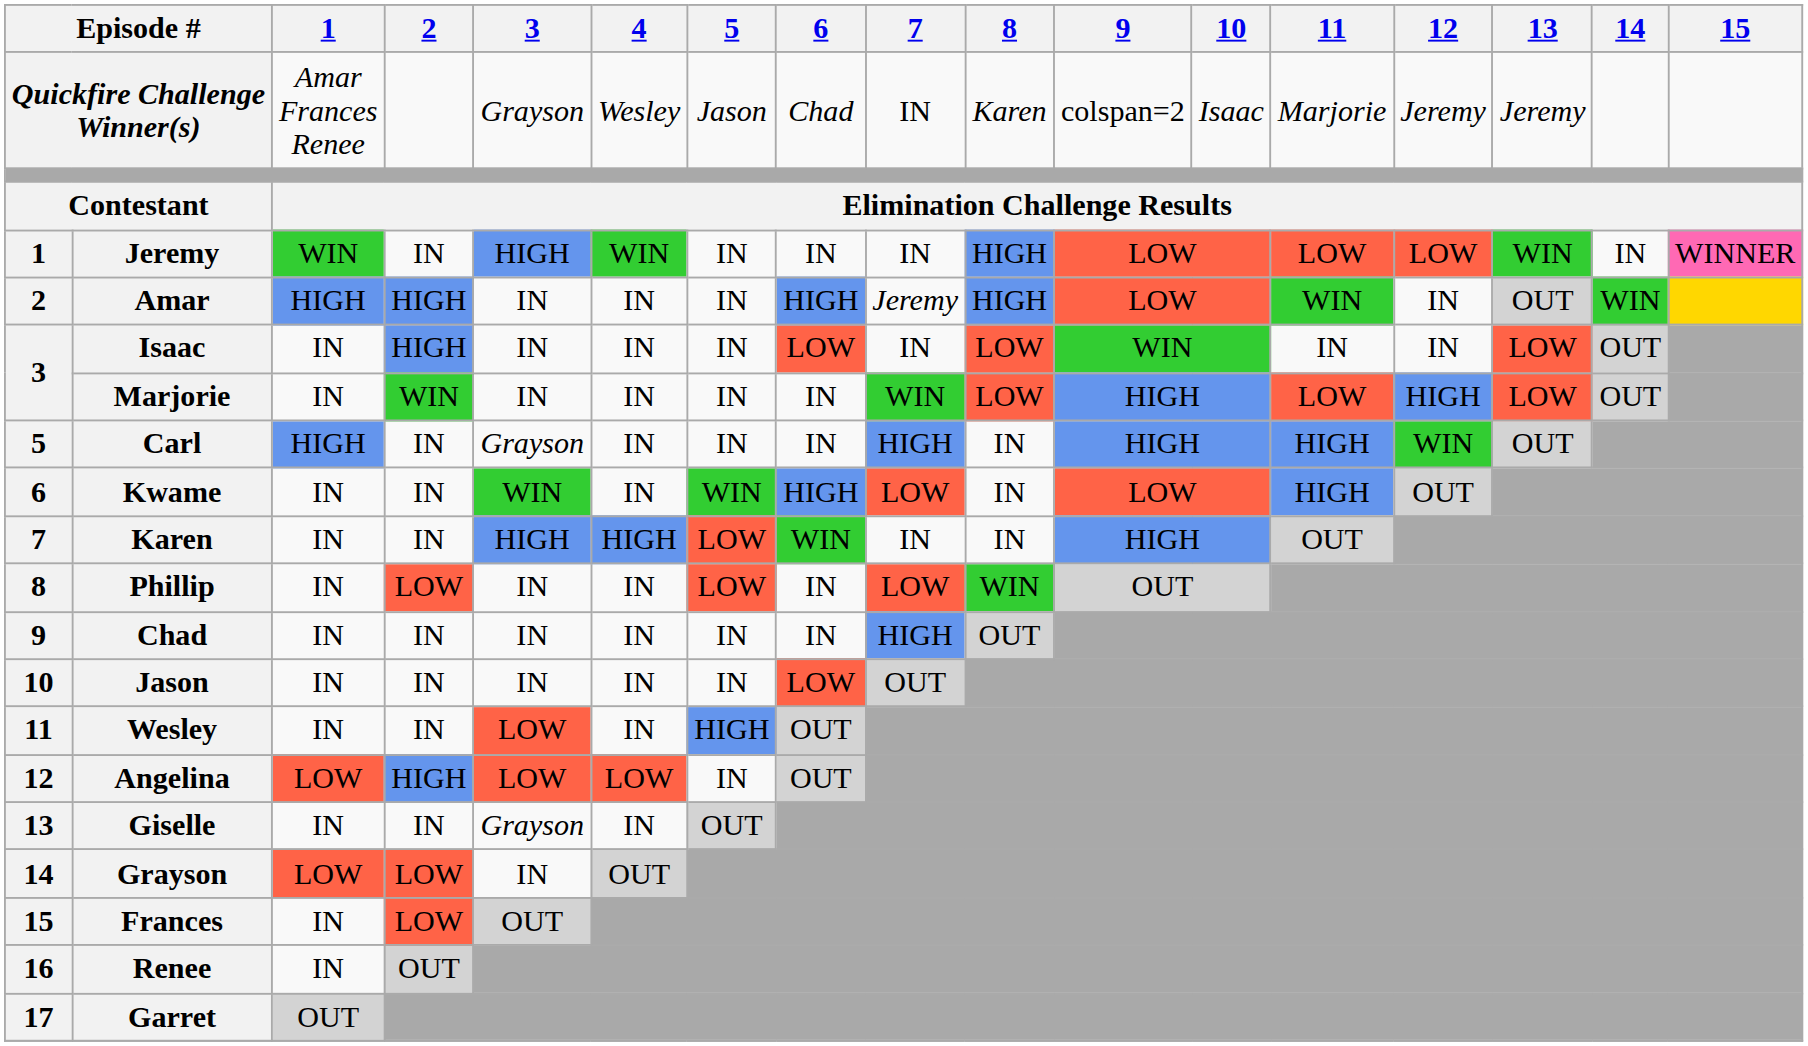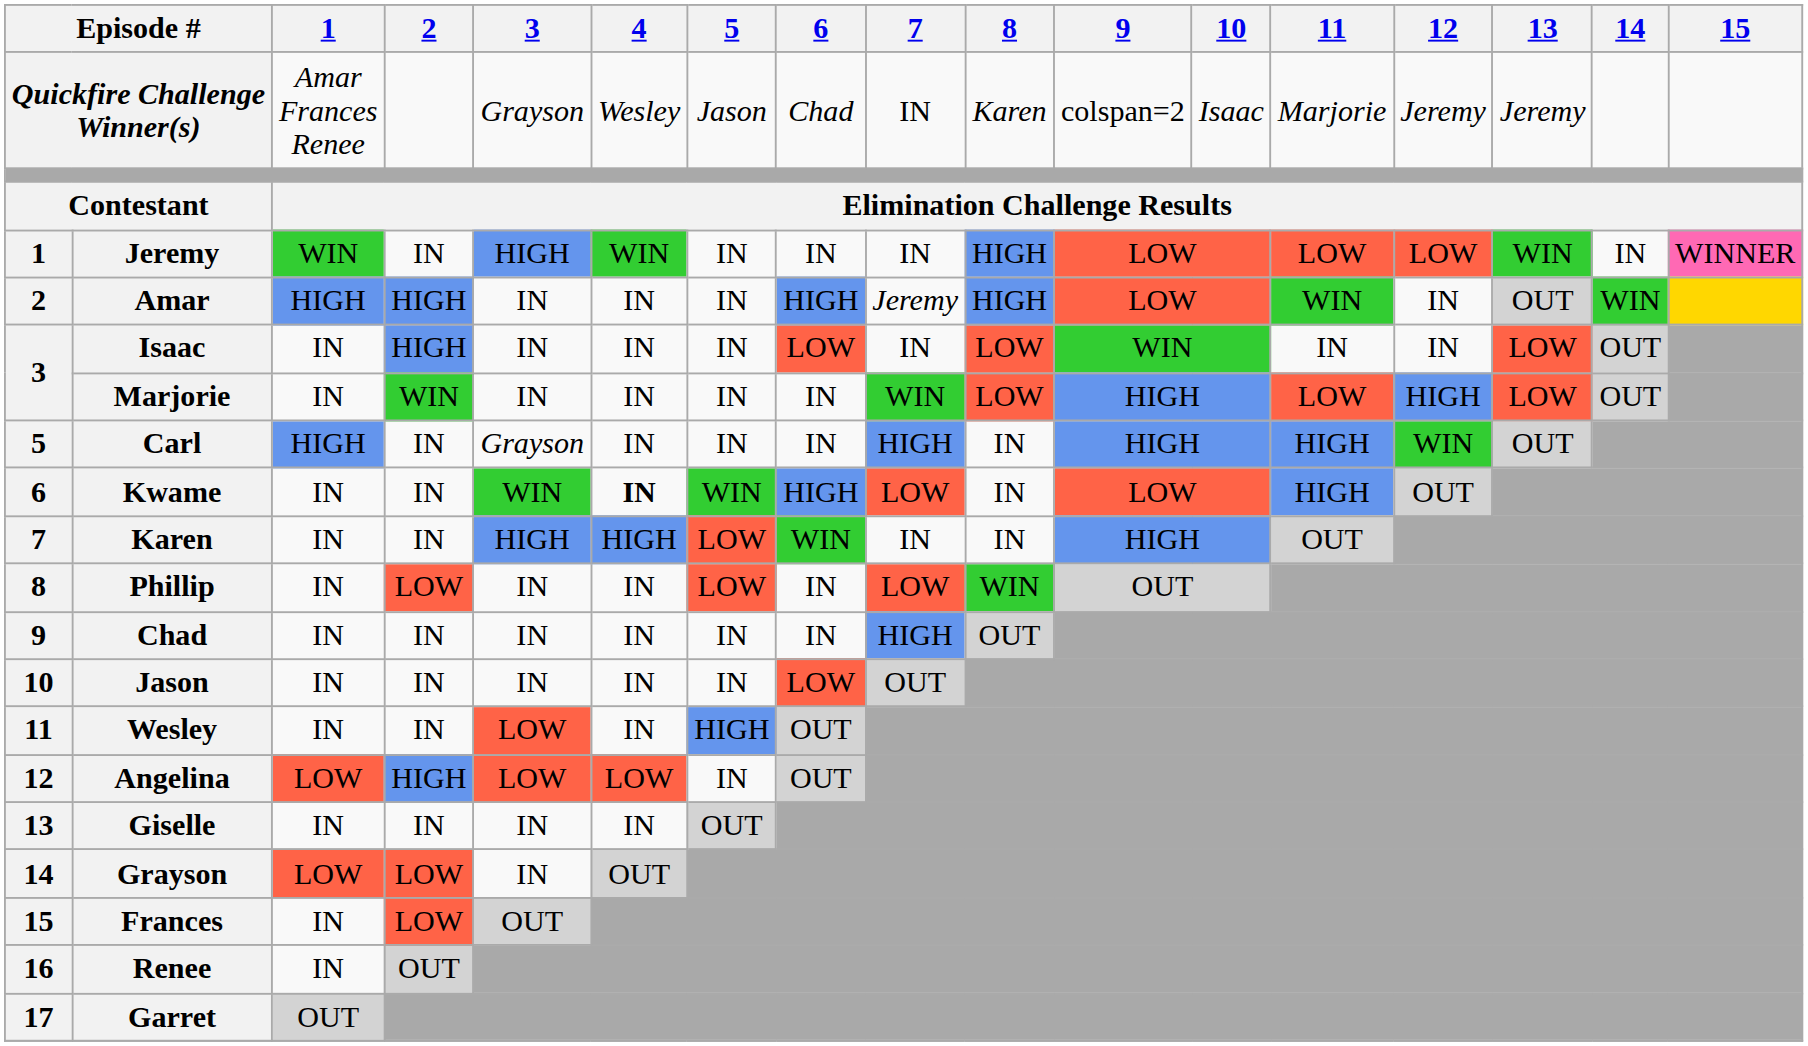 <table class="wikitable" style="text-align:center; font-size:100%">
 <tr>
 <th colspan=2>Episode #</th>
 <th><a href='#'>1</a></th>
 <th><a href='#'>2</a></th>
 <th><a href='#'>3</a></th>
 <th><a href='#'>4</a></th>
 <th><a href='#'>5</a></th>
 <th><a href='#'>6</a></th>
 <th><a href='#'>7</a></th>
 <th><a href='#'>8</a></th>
 <th><a href='#'>9</a></th>
 <th><a href='#'>10</a></th>
 <th><a href='#'>11</a></th>
 <th><a href='#'>12</a></th>
 <th><a href='#'>13</a></th>
 <th><a href='#'>14</a></th>
 <th><a href='#'>15</a></th>
 </tr>
 <tr>
 <th colspan=2><em>Quickfire Challenge<br>Winner(s)</em></th>
 <td><em>Amar</em><br><em>Frances</em><br><em>Renee</em></td>
 <td></td>
 <td><em>Grayson</em></td>
 <td><em>Wesley</em></td>
 <td><em>Jason</em></td>
 <td><em>Chad</em></td>
 <td>IN</td>
 <td><em>Karen</em></td>
 <td>colspan=2 </td>
 <td><em>Isaac</em></td>
 <td><em>Marjorie</em></td>
 <td><em>Jeremy</em></td>
 <td><em>Jeremy</em></td>
 <td></td>
 </tr>
 <tr>
 <td colspan="18" style="background:darkgrey;"></td>
 </tr>
 <tr>
 <th colspan=2>Contestant</th>
 <th colspan="15">Elimination Challenge Results</th>
 </tr>
 <tr>
 <th>1</th>
 <th>Jeremy</th>
 <td style="background:limegreen;">WIN</td>
 <td>IN</td>
 <td style="background:cornflowerblue;">HIGH</td>
 <td style="background:limegreen;">WIN</td>
 <td>IN</td>
 <td>IN</td>
 <td>IN</td>
 <td style="background:cornflowerblue;">HIGH</td>
 <td style="background:tomato" colspan="2">LOW</td>
 <td style="background:tomato;">LOW</td>
 <td style="background:tomato;">LOW</td>
 <td style="background:limegreen;">WIN</td>
 <td>IN</td>
 <td style="background:hotpink;">WINNER</td>
 </tr>
 <tr>
 <th>2</th>
 <th>Amar</th>
 <td style="background:cornflowerblue;">HIGH</td>
 <td style="background:cornflowerblue;">HIGH</td>
 <td>IN</td>
 <td>IN</td>
 <td>IN</td>
 <td style="background:cornflowerblue;">HIGH</td>
 <td><em>Jeremy</em></td>
 <td style="background:cornflowerblue;">HIGH</td>
 <td style="background:tomato" colspan="2">LOW</td>
 <td style="background:limegreen;">WIN</td>
 <td>IN</td>
 <td style="background:lightgrey;">OUT</td>
 <td style="background:limegreen;">WIN</td>
 <td style="background:gold;"></td>
 </tr>
 <tr>
 <th rowspan="2">3</th>
 <th>Isaac</th>
 <td>IN</td>
 <td style="background:cornflowerblue;">HIGH</td>
 <td>IN</td>
 <td>IN</td>
 <td>IN</td>
 <td style="background:tomato;">LOW</td>
 <td>IN</td>
 <td style="background:tomato;">LOW</td>
 <td style="background:limegreen" colspan="2">WIN</td>
 <td>IN</td>
 <td>IN</td>
 <td style="background:tomato;">LOW</td>
 <td style="background:lightgrey;">OUT</td>
 <td style="background:darkgrey;" colspan="1"></td>
 </tr>
 <tr>
 <th>Marjorie</th>
 <td>IN</td>
 <td style="background:limegreen;">WIN</td>
 <td>IN</td>
 <td>IN</td>
 <td>IN</td>
 <td>IN</td>
 <td style="background:limegreen;">WIN</td>
 <td style="background:tomato;">LOW</td>
 <td style="background:cornflowerblue" colspan="2">HIGH</td>
 <td style="background:tomato;">LOW</td>
 <td style="background:cornflowerblue;">HIGH</td>
 <td style="background:tomato;">LOW</td>
 <td style="background:lightgrey;">OUT</td>
 <td style="background:darkgrey;" colspan="1"></td>
 </tr>
 <tr>
 <th>5</th>
 <th>Carl</th>
 <td style="background:cornflowerblue;">HIGH</td>
 <td>IN</td>
 <td><em>Grayson</em></td>
 <td>IN</td>
 <td>IN</td>
 <td>IN</td>
 <td style="background:cornflowerblue;">HIGH</td>
 <td>IN</td>
 <td style="background:cornflowerblue" colspan="2">HIGH</td>
 <td style="background:cornflowerblue;">HIGH</td>
 <td style="background:limegreen;">WIN</td>
 <td style="background:lightgrey;">OUT</td>
 <td style="background:darkgrey;" colspan="2"></td>
 </tr>
 <tr>
 <th>6</th>
 <th>Kwame</th>
 <td>IN</td>
 <td>IN</td>
 <td style="background:limegreen;">WIN</td>
-<td>IN</td>
+<td><strong>IN</strong></td>
 <td style="background:limegreen;">WIN</td>
 <td style="background:cornflowerblue;">HIGH</td>
 <td style="background:tomato;">LOW</td>
 <td>IN</td>
 <td style="background:tomato" colspan="2">LOW</td>
 <td style="background:cornflowerblue;">HIGH</td>
 <td style="background:lightgrey;">OUT</td>
 <td style="background:darkgrey;" colspan="3"></td>
 </tr>
 <tr>
 <th>7</th>
 <th>Karen</th>
 <td>IN</td>
 <td>IN</td>
 <td style="background:cornflowerblue;">HIGH</td>
 <td style="background:cornflowerblue;">HIGH</td>
 <td style="background:tomato;">LOW</td>
 <td style="background:limegreen;">WIN</td>
 <td>IN</td>
 <td>IN</td>
 <td style="background:cornflowerblue" colspan="2">HIGH</td>
 <td style="background:lightgrey;">OUT</td>
 <td style="background:darkgrey;" colspan="4"></td>
 </tr>
 <tr>
 <th>8</th>
 <th>Phillip</th>
 <td>IN</td>
 <td style="background:tomato;">LOW</td>
 <td>IN</td>
 <td>IN</td>
 <td style="background:tomato;">LOW</td>
 <td>IN</td>
 <td style="background:tomato;">LOW</td>
 <td style="background:limegreen;">WIN</td>
 <td style="background:lightgrey" colspan="2">OUT</td>
 <td style="background:darkgrey;" colspan="5"></td>
 </tr>
 <tr>
 <th>9</th>
 <th>Chad</th>
 <td>IN</td>
 <td>IN</td>
 <td>IN</td>
 <td>IN</td>
 <td>IN</td>
 <td>IN</td>
 <td style="background:cornflowerblue;">HIGH</td>
 <td style="background:lightgrey;">OUT</td>
 <td style="background:darkgrey;" colspan="7"></td>
 </tr>
 <tr>
 <th>10</th>
 <th>Jason</th>
 <td>IN</td>
 <td>IN</td>
 <td>IN</td>
 <td>IN</td>
 <td>IN</td>
 <td style="background:tomato;">LOW</td>
 <td style="background:lightgrey;">OUT</td>
 <td style="background:darkgrey;" colspan="8"></td>
 </tr>
 <tr>
 <th>11</th>
 <th>Wesley</th>
 <td>IN</td>
 <td>IN</td>
 <td style="background:tomato;">LOW</td>
 <td>IN</td>
 <td style="background:cornflowerblue;">HIGH</td>
 <td style="background:lightgrey;">OUT</td>
 <td style="background:darkgrey;" colspan="9"></td>
 </tr>
 <tr>
 <th>12</th>
 <th>Angelina</th>
 <td style="background:tomato;">LOW</td>
 <td style="background:cornflowerblue;">HIGH</td>
 <td style="background:tomato;">LOW</td>
 <td style="background:tomato;">LOW</td>
 <td>IN</td>
 <td style="background:lightgrey;">OUT</td>
 <td style="background:darkgrey;" colspan="9"></td>
 </tr>
 <tr>
 <th>13</th>
 <th>Giselle</th>
 <td>IN</td>
 <td>IN</td>
-<td><em>Grayson</em></td>
+<td>IN</td>
 <td>IN</td>
 <td style="background:lightgrey;">OUT</td>
 <td style="background:darkgrey;" colspan="10"></td>
 </tr>
 <tr>
 <th>14</th>
 <th>Grayson</th>
 <td style="background:tomato;">LOW</td>
 <td style="background:tomato;">LOW</td>
 <td>IN</td>
 <td style="background:lightgrey;">OUT</td>
 <td style="background:darkgrey;" colspan="11"></td>
 </tr>
 <tr>
 <th>15</th>
 <th>Frances</th>
 <td>IN</td>
 <td style="background:tomato;">LOW</td>
 <td style="background:lightgrey;">OUT</td>
 <td style="background:darkgrey;" colspan="12"></td>
 </tr>
 <tr>
 <th>16</th>
 <th>Renee</th>
 <td>IN</td>
 <td style="background:lightgrey;">OUT</td>
 <td style="background:darkgrey;" colspan="13"></td>
 </tr>
 <tr>
 <th>17</th>
 <th>Garret</th>
 <td style="background:lightgrey;">OUT</td>
 <td style="background:darkgrey;" colspan="14"></td>
 </tr>
 <tr>
 </tr>
 </table>
